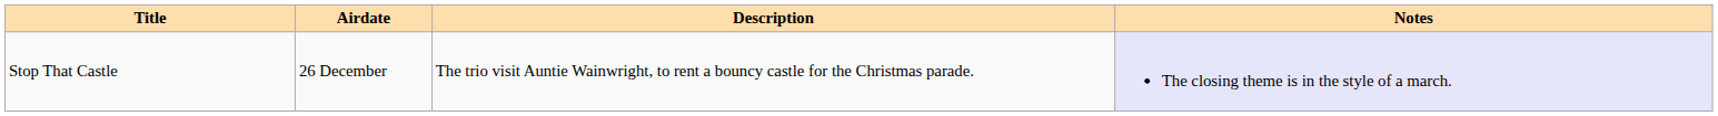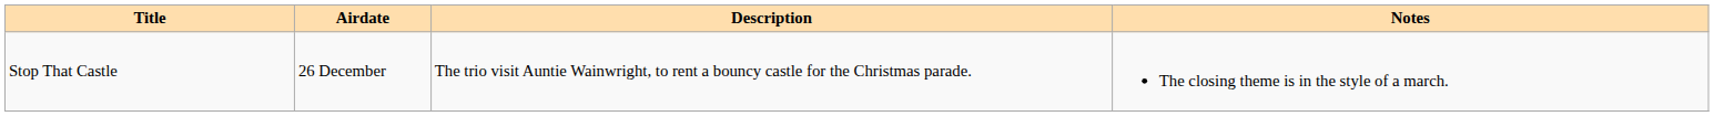 <table class="wikitable" width=100% border=1 style="font-size: 95%">
 <tr>
 <th style="background:#ffdead" width=17%>Title</th>
 <th style="background:#ffdead" width=8%>Airdate</th>
 <th style="background:#ffdead" width=40%>Description</th>
 <th style="background:#ffdead" width=35%>Notes</th>
 </tr>
 <tr>
 <td>Stop That Castle</td>
 <td>26 December</td>
 <td>The trio visit Auntie Wainwright, to rent a bouncy castle for the Christmas parade.</td>
-<td style="background: lavender;"><br><ul><li>The closing theme is in the style of a march.</li></ul></td>
+<td><br><ul><li>The closing theme is in the style of a march.</li></ul></td>
 </tr>
 <tr>
 </tr>
 </table>
